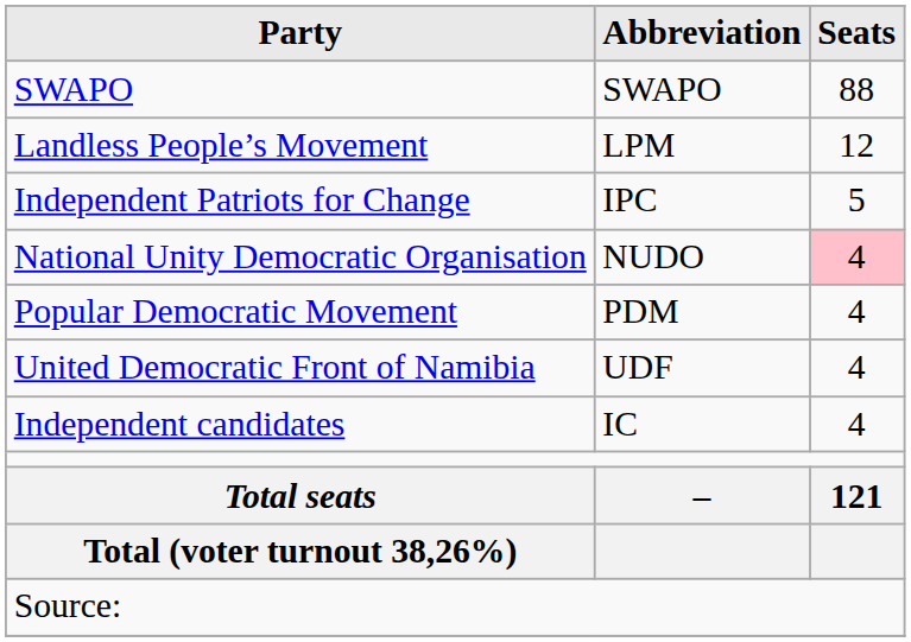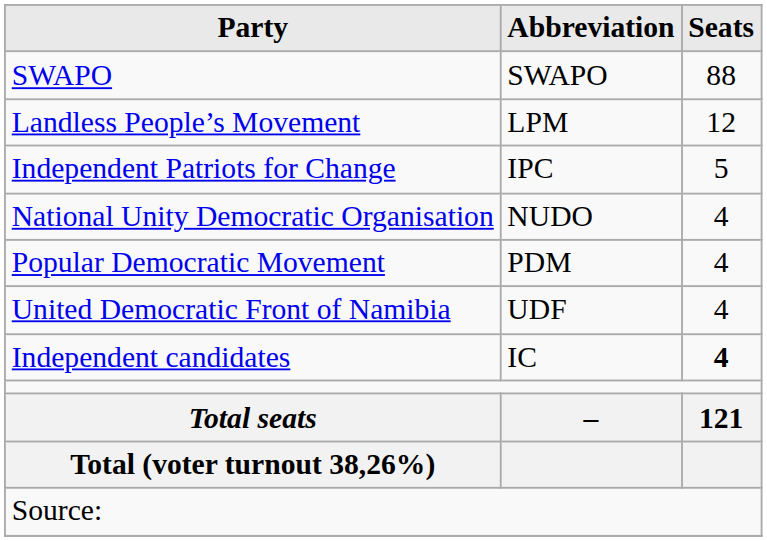 <table class="wikitable zebra">
 <tr>
 <th style="background-color:#E9E9E9" align="left">Party</th>
 <th style="background-color:#E9E9E9" align="right">Abbreviation</th>
 <th style="background-color:#E9E9E9" align="right">Seats</th>
 </tr>
 <tr>
 <td align="left"><a href='#'>SWAPO</a></td>
 <td>SWAPO</td>
 <td align="center">88 </td>
 </tr>
 <tr>
 <td align="left"><a href='#'>Landless People’s Movement</a></td>
 <td>LPM</td>
 <td align="center">12 </td>
 </tr>
 <tr>
 <td align="left"><a href='#'>Independent Patriots for Change</a></td>
 <td>IPC</td>
 <td align="center">5 </td>
 </tr>
 <tr>
 <td align="left"><a href='#'>National Unity Democratic Organisation</a></td>
 <td>NUDO</td>
-<td align="center" style="background: pink;">4 </td>
+<td align="center">4 </td>
 </tr>
 <tr>
 <td align="left"><a href='#'>Popular Democratic Movement</a></td>
 <td>PDM</td>
 <td align="center">4 </td>
 </tr>
 <tr>
 <td align="left"><a href='#'>United Democratic Front of Namibia</a></td>
 <td>UDF</td>
 <td align="center">4 </td>
 </tr>
 <tr>
 <td align="left"><a href='#'>Independent candidates</a></td>
 <td>IC</td>
-<td align="center">4 </td>
+<td align="center"><strong>4 </strong></td>
 </tr>
 <tr>
 <td colspan="4"></td>
 </tr>
 <tr>
 <th align="left"><em>Total seats</em></th>
 <th align="center">–</th>
 <th align=center>121</th>
 </tr>
 <tr>
 <th>Total (voter turnout 38,26%)</th>
 <th></th>
 <th></th>
 </tr>
 <tr>
 <td colspan="3" align="left">Source: </td>
 </tr>
 <tr>
 </tr>
 </table>
